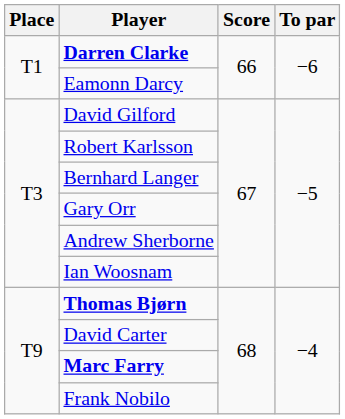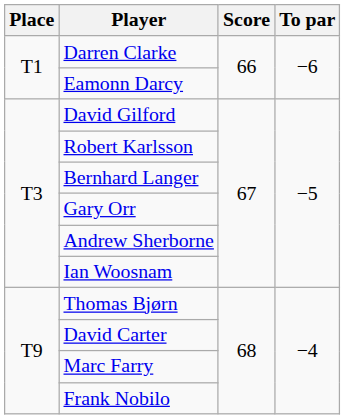 <table class="wikitable">
 <tr>
 <th>Place</th>
 <th>Player</th>
 <th>Score</th>
 <th>To par</th>
 </tr>
 <tr>
 <td rowspan="2" align=center>T1</td>
-<td><strong> <a href='#'>Darren Clarke</a></strong></td>
+<td> <a href='#'>Darren Clarke</a></td>
 <td rowspan="2" align=center>66</td>
 <td rowspan="2" align=center>−6</td>
 </tr>
 <tr>
 <td> <a href='#'>Eamonn Darcy</a></td>
 </tr>
 <tr>
 <td rowspan="6" align=center>T3</td>
 <td> <a href='#'>David Gilford</a></td>
 <td rowspan="6" align=center>67</td>
 <td rowspan="6" align=center>−5</td>
 </tr>
 <tr>
 <td> <a href='#'>Robert Karlsson</a></td>
 </tr>
 <tr>
 <td> <a href='#'>Bernhard Langer</a></td>
 </tr>
 <tr>
 <td> <a href='#'>Gary Orr</a></td>
 </tr>
 <tr>
 <td> <a href='#'>Andrew Sherborne</a></td>
 </tr>
 <tr>
 <td> <a href='#'>Ian Woosnam</a></td>
 </tr>
 <tr>
 <td rowspan="4" align=center>T9</td>
-<td><strong> <a href='#'>Thomas Bjørn</a></strong></td>
+<td> <a href='#'>Thomas Bjørn</a></td>
 <td rowspan="4" align=center>68</td>
 <td rowspan="4" align=center>−4</td>
 </tr>
 <tr>
 <td> <a href='#'>David Carter</a></td>
 </tr>
 <tr>
-<td><strong> <a href='#'>Marc Farry</a></strong></td>
+<td> <a href='#'>Marc Farry</a></td>
 </tr>
 <tr>
 <td> <a href='#'>Frank Nobilo</a></td>
 </tr>
 </table>
